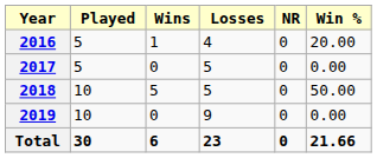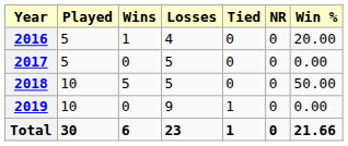 <table class="wikitable" style="width:25%;">
 <tr>
 <th style="background:#ffc;">Year</th>
 <th style="background:#ffc;">Played</th>
 <th style="background:#ffc;">Wins</th>
 <th style="background:#ffc;">Losses</th>
+<th style="background:#ffc;">Tied</th>
 <th style="background:#ffc;">NR</th>
 <th style="background:#ffc;">Win %</th>
 </tr>
 <tr>
 <th><a href='#'>2016</a></th>
 <td>5</td>
 <td>1</td>
 <td>4</td>
 <td>0</td>
+<td>0</td>
 <td>20.00</td>
 </tr>
 <tr>
 <th><a href='#'>2017</a></th>
 <td>5</td>
 <td>0</td>
 <td>5</td>
+<td>0</td>
 <td>0</td>
 <td>0.00</td>
 </tr>
 <tr>
 <th><a href='#'>2018</a></th>
 <td>10</td>
 <td>5</td>
 <td>5</td>
 <td>0</td>
+<td>0</td>
 <td>50.00</td>
 </tr>
 <tr>
 <th><a href='#'>2019</a></th>
 <td>10</td>
 <td>0</td>
 <td>9</td>
+<td>1</td>
 <td>0</td>
 <td>0.00</td>
 </tr>
 <tr>
 <th>Total</th>
 <td><strong>30</strong></td>
 <td><strong>6</strong></td>
 <td><strong>23</strong></td>
+<td><strong>1</strong></td>
 <td><strong>0</strong></td>
 <td><strong>21.66</strong></td>
 </tr>
 </table>
